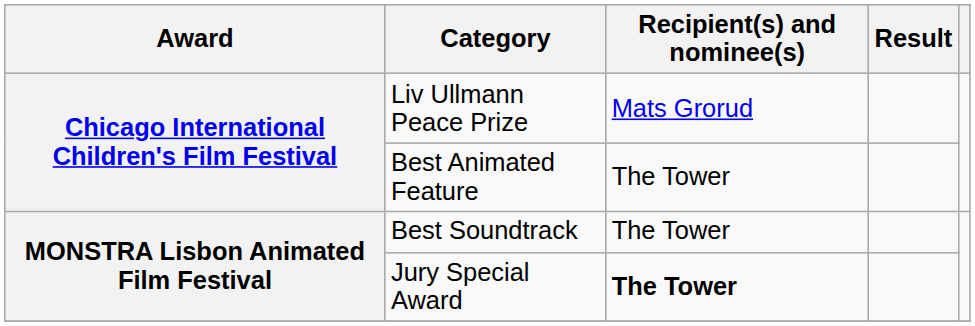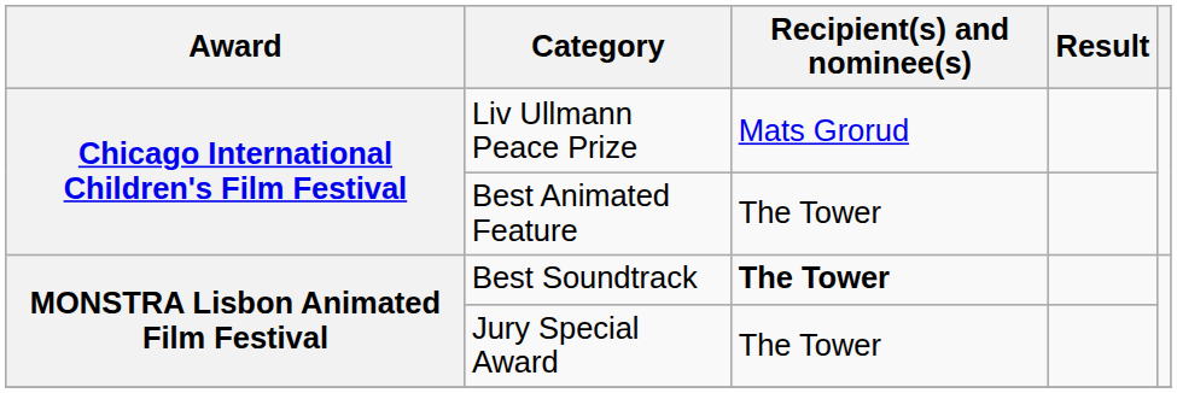 <table class="wikitable plainrowheaders sortable">
 <tr>
 <th scope="col">Award</th>
 <th scope="col">Category</th>
 <th scope="col">Recipient(s) and nominee(s)</th>
 <th scope="col">Result</th>
 <th scope="col" class="unsortable"></th>
 </tr>
 <tr>
 <th scope="row" rowspan="2"><a href='#'>Chicago International Children's Film Festival</a></th>
 <td>Liv Ullmann Peace Prize</td>
 <td><a href='#'>Mats Grorud</a></td>
 <td></td>
 <td rowspan="2" style="text-align:center;"></td>
 </tr>
 <tr>
 <td>Best Animated Feature</td>
 <td>The Tower</td>
 <td></td>
 </tr>
 <tr>
 <th scope="row" rowspan="2">MONSTRA Lisbon Animated Film Festival</th>
 <td>Best Soundtrack</td>
-<td>The Tower</td>
+<td><strong>The Tower</strong></td>
 <td></td>
 <td rowspan="2" style="text-align:center;"></td>
 </tr>
 <tr>
 <td>Jury Special Award</td>
-<td><strong>The Tower</strong></td>
+<td>The Tower</td>
 <td></td>
 </tr>
 <tr>
 </tr>
 </table>
